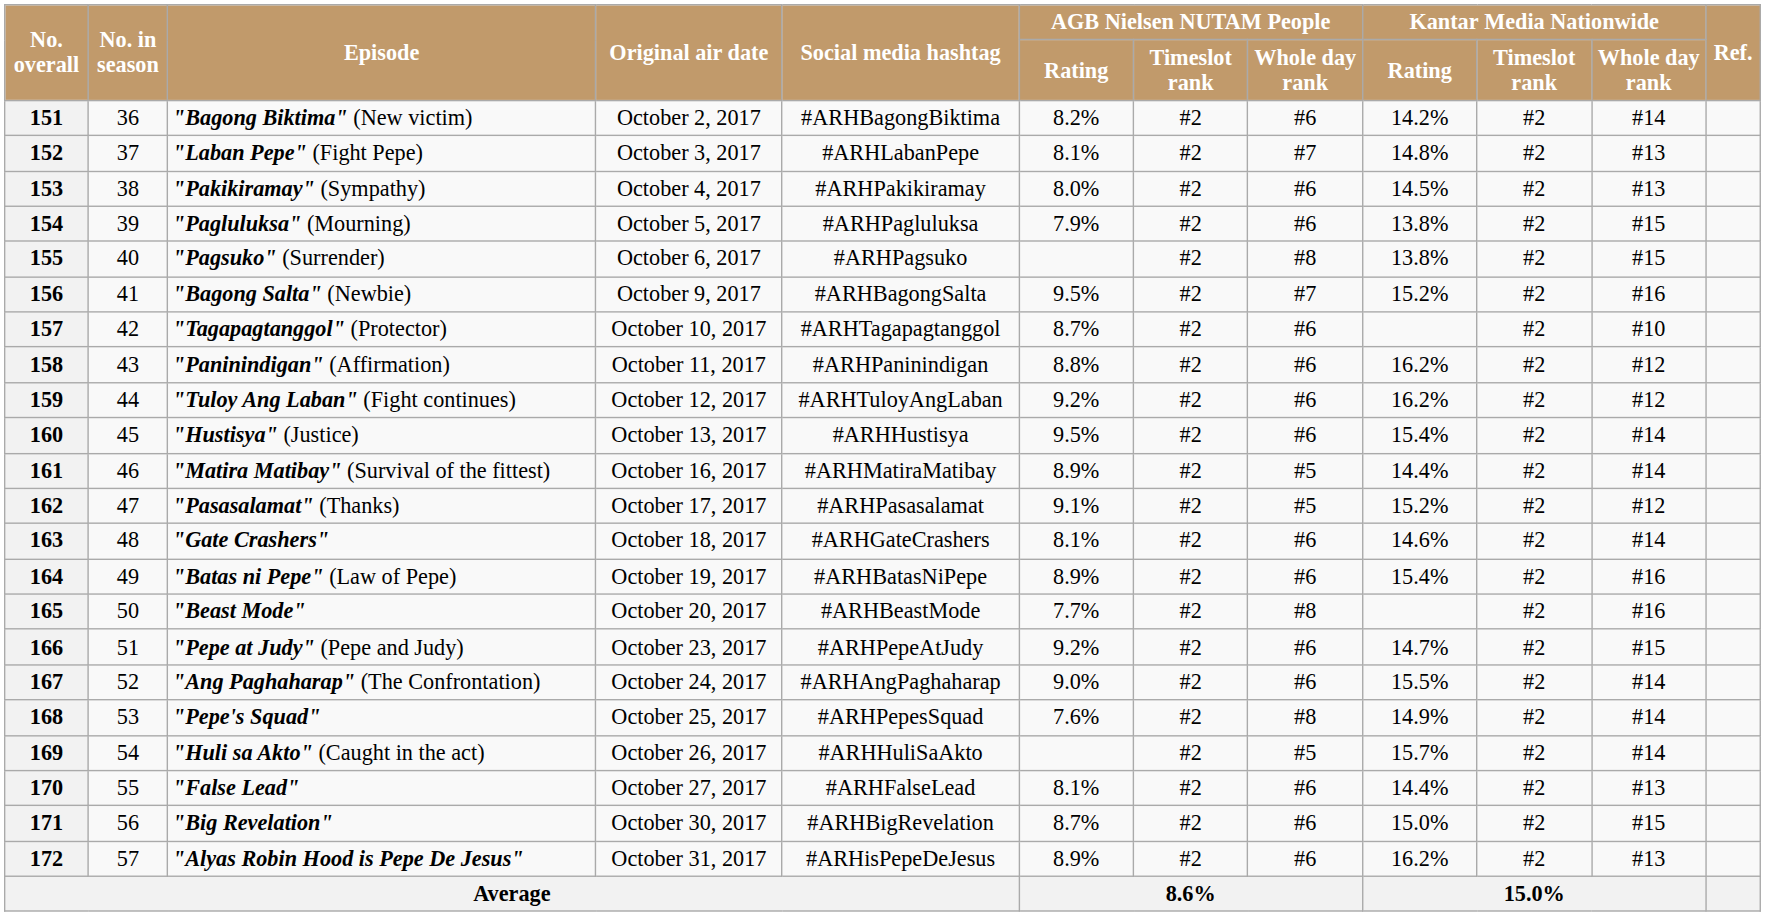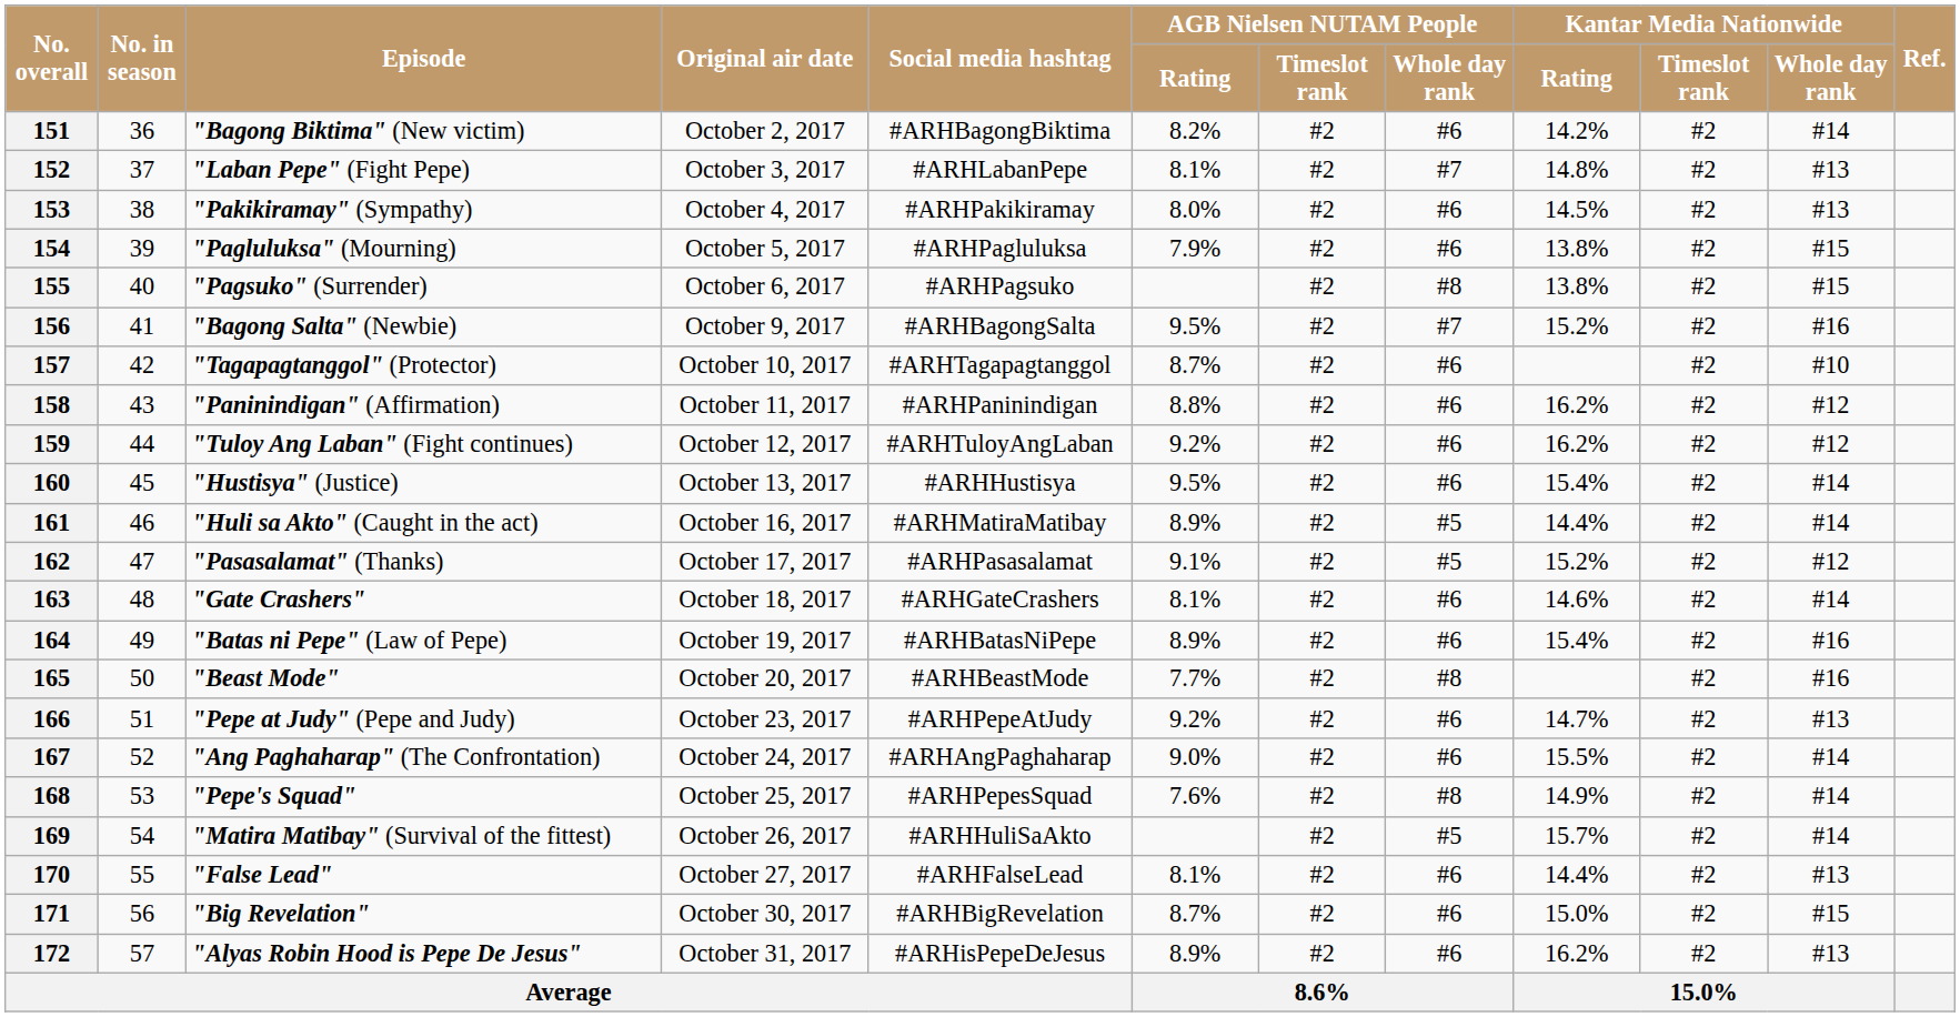 <table class="wikitable" style="text-align:center; font-size:100%; line-height:18px;"  width="100%">
 <tr>
 <th style="background-color:#C19A6B; color:#ffffff;" rowspan="2">No.<br>overall</th>
 <th style="background-color:#C19A6B; color:#ffffff;" rowspan="2">No. in<br>season</th>
 <th style="background-color:#C19A6B; color:#ffffff;" rowspan="2">Episode</th>
 <th style="background:#C19A6B; color:white" rowspan="2">Original air date</th>
 <th style="background:#C19A6B; color:white" rowspan="2">Social media hashtag</th>
 <th style="background-color:#C19A6B; color:#ffffff;" colspan="3">AGB Nielsen NUTAM People</th>
 <th style="background-color:#C19A6B; color:#ffffff;" colspan="3">Kantar Media Nationwide</th>
 <th style="background-color:#C19A6B; color:#ffffff;" rowspan="2">Ref.</th>
 </tr>
 <tr>
 <th style="background-color:#C19A6B; width:75px; color:#ffffff;">Rating</th>
 <th style="background-color:#C19A6B; width:75px; color:#ffffff;">Timeslot<br>rank</th>
 <th style="background-color:#C19A6B; width:75px; color:#ffffff;">Whole day<br>rank</th>
 <th style="background-color:#C19A6B; width:75px; color:#ffffff;">Rating</th>
 <th style="background-color:#C19A6B; width:75px; color:#ffffff;">Timeslot<br>rank</th>
 <th style="background-color:#C19A6B; width:75px; color:#ffffff;">Whole day<br>rank</th>
 </tr>
 <tr>
 <th>151</th>
 <td>36</td>
 <td style="text-align: left;"><strong><em>"Bagong Biktima"</em></strong> (New victim)</td>
 <td>October 2, 2017</td>
 <td>#ARHBagongBiktima</td>
 <td>8.2%</td>
 <td>#2</td>
 <td>#6</td>
 <td>14.2%</td>
 <td>#2</td>
 <td>#14</td>
 <td></td>
 </tr>
 <tr>
 <th>152</th>
 <td>37</td>
 <td style="text-align: left;"><strong><em>"Laban Pepe"</em></strong> (Fight Pepe)</td>
 <td>October 3, 2017</td>
 <td>#ARHLabanPepe</td>
 <td>8.1%</td>
 <td>#2</td>
 <td>#7</td>
 <td>14.8%</td>
 <td>#2</td>
 <td>#13</td>
 <td></td>
 </tr>
 <tr>
 <th>153</th>
 <td>38</td>
 <td style="text-align: left;"><strong><em>"Pakikiramay"</em></strong> (Sympathy)</td>
 <td>October 4, 2017</td>
 <td>#ARHPakikiramay</td>
 <td>8.0%</td>
 <td>#2</td>
 <td>#6</td>
 <td>14.5%</td>
 <td>#2</td>
 <td>#13</td>
 <td></td>
 </tr>
 <tr>
 <th>154</th>
 <td>39</td>
 <td style="text-align: left;"><strong><em>"Pagluluksa"</em></strong> (Mourning)</td>
 <td>October 5, 2017</td>
 <td>#ARHPagluluksa</td>
 <td>7.9%</td>
 <td>#2</td>
 <td>#6</td>
 <td>13.8%</td>
 <td>#2</td>
 <td>#15</td>
 <td></td>
 </tr>
 <tr>
 <th>155</th>
 <td>40</td>
 <td style="text-align: left;"><strong><em>"Pagsuko"</em></strong> (Surrender)</td>
 <td>October 6, 2017</td>
 <td>#ARHPagsuko</td>
 <td></td>
 <td>#2</td>
 <td>#8</td>
 <td>13.8%</td>
 <td>#2</td>
 <td>#15</td>
 <td></td>
 </tr>
 <tr>
 <th>156</th>
 <td>41</td>
 <td style="text-align: left;"><strong><em>"Bagong Salta"</em></strong> (Newbie)</td>
 <td>October 9, 2017</td>
 <td>#ARHBagongSalta</td>
 <td>9.5%</td>
 <td>#2</td>
 <td>#7</td>
 <td>15.2%</td>
 <td>#2</td>
 <td>#16</td>
 <td></td>
 </tr>
 <tr>
 <th>157</th>
 <td>42</td>
 <td style="text-align: left;"><strong><em>"Tagapagtanggol"</em></strong> (Protector)</td>
 <td>October 10, 2017</td>
 <td>#ARHTagapagtanggol</td>
 <td>8.7%</td>
 <td>#2</td>
 <td>#6</td>
 <td></td>
 <td>#2</td>
 <td>#10</td>
 <td></td>
 </tr>
 <tr>
 <th>158</th>
 <td>43</td>
 <td style="text-align: left;"><strong><em>"Paninindigan"</em></strong> (Affirmation)</td>
 <td>October 11, 2017</td>
 <td>#ARHPaninindigan</td>
 <td>8.8%</td>
 <td>#2</td>
 <td>#6</td>
 <td>16.2%</td>
 <td>#2</td>
 <td>#12</td>
 <td></td>
 </tr>
 <tr>
 <th>159</th>
 <td>44</td>
 <td style="text-align: left;"><strong><em>"Tuloy Ang Laban"</em></strong> (Fight continues)</td>
 <td>October 12, 2017</td>
 <td>#ARHTuloyAngLaban</td>
 <td>9.2%</td>
 <td>#2</td>
 <td>#6</td>
 <td>16.2%</td>
 <td>#2</td>
 <td>#12</td>
 <td></td>
 </tr>
 <tr>
 <th>160</th>
 <td>45</td>
 <td style="text-align: left;"><strong><em>"Hustisya"</em></strong> (Justice)</td>
 <td>October 13, 2017</td>
 <td>#ARHHustisya</td>
 <td>9.5%</td>
 <td>#2</td>
 <td>#6</td>
 <td>15.4%</td>
 <td>#2</td>
 <td>#14</td>
 <td></td>
 </tr>
 <tr>
 <th>161</th>
 <td>46</td>
-<td style="text-align: left;"><strong><em>"Matira Matibay"</em></strong> (Survival of the fittest)</td>
+<td style="text-align: left;"><strong><em>"Huli sa Akto"</em></strong> (Caught in the act)</td>
 <td>October 16, 2017</td>
 <td>#ARHMatiraMatibay</td>
 <td>8.9%</td>
 <td>#2</td>
 <td>#5</td>
 <td>14.4%</td>
 <td>#2</td>
 <td>#14</td>
 <td></td>
 </tr>
 <tr>
 <th>162</th>
 <td>47</td>
 <td style="text-align: left;"><strong><em>"Pasasalamat"</em></strong> (Thanks)</td>
 <td>October 17, 2017</td>
 <td>#ARHPasasalamat</td>
 <td>9.1%</td>
 <td>#2</td>
 <td>#5</td>
 <td>15.2%</td>
 <td>#2</td>
 <td>#12</td>
 <td></td>
 </tr>
 <tr>
 <th>163</th>
 <td>48</td>
 <td style="text-align: left;"><strong><em>"Gate Crashers"</em></strong></td>
 <td>October 18, 2017</td>
 <td>#ARHGateCrashers</td>
 <td>8.1%</td>
 <td>#2</td>
 <td>#6</td>
 <td>14.6%</td>
 <td>#2</td>
 <td>#14</td>
 <td></td>
 </tr>
 <tr>
 <th>164</th>
 <td>49</td>
 <td style="text-align: left;"><strong><em>"Batas ni Pepe"</em></strong> (Law of Pepe)</td>
 <td>October 19, 2017</td>
 <td>#ARHBatasNiPepe</td>
 <td>8.9%</td>
 <td>#2</td>
 <td>#6</td>
 <td>15.4%</td>
 <td>#2</td>
 <td>#16</td>
 <td></td>
 </tr>
 <tr>
 <th>165</th>
 <td>50</td>
 <td style="text-align: left;"><strong><em>"Beast Mode"</em></strong></td>
 <td>October 20, 2017</td>
 <td>#ARHBeastMode</td>
 <td>7.7%</td>
 <td>#2</td>
 <td>#8</td>
 <td></td>
 <td>#2</td>
 <td>#16</td>
 <td></td>
 </tr>
 <tr>
 <th>166</th>
 <td>51</td>
 <td style="text-align: left;"><strong><em>"Pepe at Judy"</em></strong> (Pepe and Judy)</td>
 <td>October 23, 2017</td>
 <td>#ARHPepeAtJudy</td>
 <td>9.2%</td>
 <td>#2</td>
 <td>#6</td>
 <td>14.7%</td>
 <td>#2</td>
-<td>#15</td>
+<td>#13</td>
 <td></td>
 </tr>
 <tr>
 <th>167</th>
 <td>52</td>
 <td style="text-align: left;"><strong><em>"Ang Paghaharap"</em></strong> (The Confrontation)</td>
 <td>October 24, 2017</td>
 <td>#ARHAngPaghaharap</td>
 <td>9.0%</td>
 <td>#2</td>
 <td>#6</td>
 <td>15.5%</td>
 <td>#2</td>
 <td>#14</td>
 <td></td>
 </tr>
 <tr>
 <th>168</th>
 <td>53</td>
 <td style="text-align: left;"><strong><em>"Pepe's Squad"</em></strong></td>
 <td>October 25, 2017</td>
 <td>#ARHPepesSquad</td>
 <td>7.6%</td>
 <td>#2</td>
 <td>#8</td>
 <td>14.9%</td>
 <td>#2</td>
 <td>#14</td>
 <td></td>
 </tr>
 <tr>
 <th>169</th>
 <td>54</td>
-<td style="text-align: left;"><strong><em>"Huli sa Akto"</em></strong> (Caught in the act)</td>
+<td style="text-align: left;"><strong><em>"Matira Matibay"</em></strong> (Survival of the fittest)</td>
 <td>October 26, 2017</td>
 <td>#ARHHuliSaAkto</td>
 <td></td>
 <td>#2</td>
 <td>#5</td>
 <td>15.7%</td>
 <td>#2</td>
 <td>#14</td>
 <td></td>
 </tr>
 <tr>
 <th>170</th>
 <td>55</td>
 <td style="text-align: left;"><strong><em>"False Lead"</em></strong></td>
 <td>October 27, 2017</td>
 <td>#ARHFalseLead</td>
 <td>8.1%</td>
 <td>#2</td>
 <td>#6</td>
 <td>14.4%</td>
 <td>#2</td>
 <td>#13</td>
 <td></td>
 </tr>
 <tr>
 <th>171</th>
 <td>56</td>
 <td style="text-align: left;"><strong><em>"Big Revelation"</em></strong></td>
 <td>October 30, 2017</td>
 <td>#ARHBigRevelation</td>
 <td>8.7%</td>
 <td>#2</td>
 <td>#6</td>
 <td>15.0%</td>
 <td>#2</td>
 <td>#15</td>
 <td></td>
 </tr>
 <tr>
 <th>172</th>
 <td>57</td>
 <td style="text-align: left;"><strong><em>"Alyas Robin Hood is Pepe De Jesus"</em></strong></td>
 <td>October 31, 2017</td>
 <td>#ARHisPepeDeJesus</td>
 <td>8.9%</td>
 <td>#2</td>
 <td>#6</td>
 <td>16.2%</td>
 <td>#2</td>
 <td>#13</td>
 <td></td>
 </tr>
 <tr>
 <th colspan="5">Average</th>
 <th colspan="3">8.6%</th>
 <th colspan="3">15.0%</th>
 <th></th>
 </tr>
 </table>
